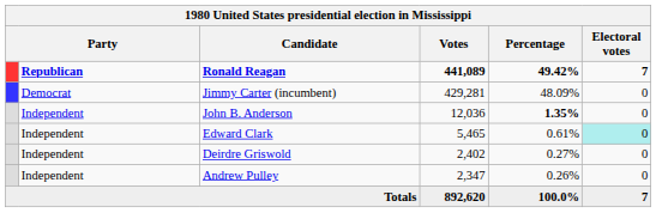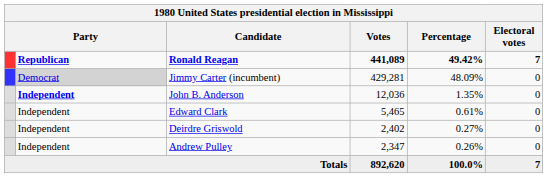 <table class="wikitable" style="font-size: 95%;">
 <tr>
 <th colspan="6">1980 United States presidential election in Mississippi</th>
 </tr>
 <tr>
 <th colspan="2" style="width: 15em">Party</th>
 <th style="width: 17em">Candidate</th>
 <th style="width: 5em">Votes</th>
 <th style="width: 7em">Percentage</th>
 <th style="width: 5em">Electoral votes</th>
 </tr>
 <tr>
 <th style="background:#f33; width:3px;"></th>
 <td style="width: 130px"><strong><a href='#'>Republican</a></strong></td>
 <td><strong><a href='#'>Ronald Reagan</a></strong></td>
 <td style="text-align:right;"><strong>441,089</strong></td>
 <td style="text-align:right;"><strong>49.42%</strong></td>
 <td style="text-align:right;"><strong>7</strong></td>
 </tr>
 <tr>
 <th style="background:#33f; width:3px;"></th>
-<td style="width: 130px"><a href='#'>Democrat</a></td>
+<td style="background: lightgrey; width: 130px"><a href='#'>Democrat</a></td>
 <td><a href='#'>Jimmy Carter</a> (incumbent)</td>
 <td style="text-align:right;">429,281</td>
 <td style="text-align:right;">48.09%</td>
 <td style="text-align:right;">0</td>
 </tr>
 <tr>
 <th style="background-color:#DDDDDD; width: 3px"></th>
-<td style="width: 130px"><a href='#'>Independent</a></td>
+<td style="width: 130px"><strong><a href='#'>Independent</a></strong></td>
 <td><a href='#'>John B. Anderson</a></td>
 <td style="text-align:right;">12,036</td>
-<td style="text-align:right;"><strong>1.35%</strong></td>
+<td style="text-align:right;">1.35%</td>
 <td style="text-align:right;">0</td>
 </tr>
 <tr>
 <th style="background-color:#DDDDDD; width: 3px"></th>
 <td style="width: 130px">Independent</td>
 <td><a href='#'>Edward Clark</a></td>
 <td style="text-align:right;">5,465</td>
 <td style="text-align:right;">0.61%</td>
-<td style="background: paleturquoise; text-align:right;">0</td>
+<td style="text-align:right;">0</td>
 </tr>
 <tr>
 <th style="background-color:#DDDDDD; width: 3px"></th>
 <td style="width: 130px">Independent</td>
 <td><a href='#'>Deirdre Griswold</a></td>
 <td style="text-align:right;">2,402</td>
 <td style="text-align:right;">0.27%</td>
 <td style="text-align:right;">0</td>
 </tr>
 <tr>
 <th style="background-color:#DDDDDD; width: 3px"></th>
 <td style="width: 130px">Independent</td>
 <td><a href='#'>Andrew Pulley</a></td>
 <td style="text-align:right;">2,347</td>
 <td style="text-align:right;">0.26%</td>
 <td style="text-align:right;">0</td>
 </tr>
 <tr style="background:#eee; text-align:right;">
 <td colspan="3"><strong>Totals</strong></td>
 <td><strong>892,620</strong></td>
 <td><strong>100.0%</strong></td>
 <td><strong>7</strong></td>
 </tr>
 </table>
